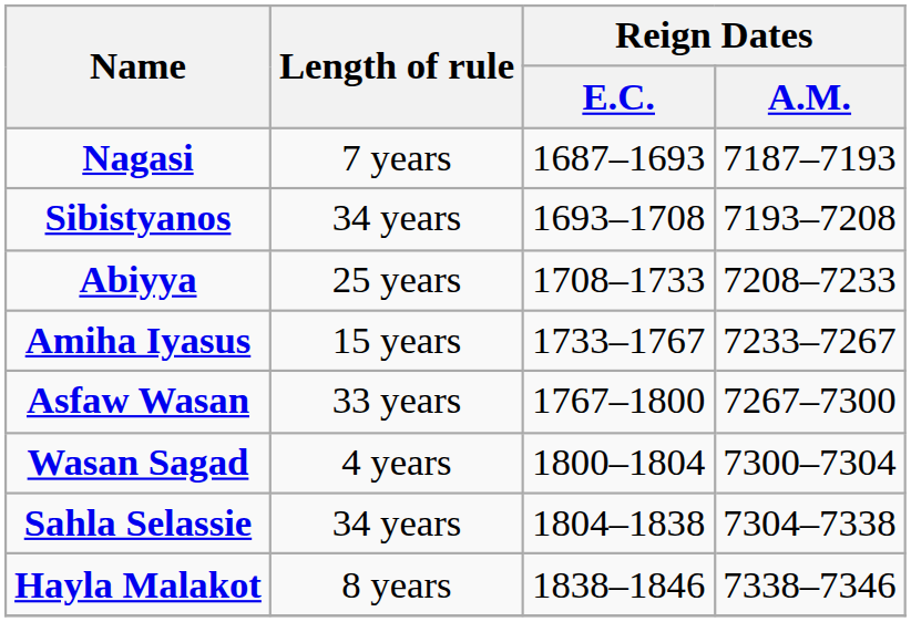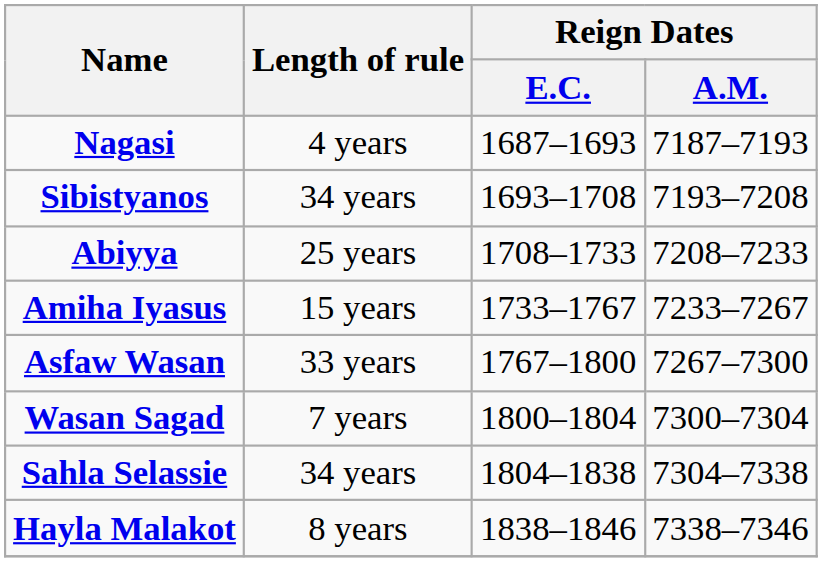 <table class="wikitable" style="text-align:center;">
 <tr>
 <th rowspan="2">Name<br></th>
 <th rowspan="2">Length of rule<br></th>
 <th colspan="2">Reign Dates</th>
 </tr>
 <tr>
 <th><a href='#'>E.C.</a></th>
 <th><a href='#'>A.M.</a></th>
 </tr>
 <tr>
 <td><strong><a href='#'>Nagasi</a></strong></td>
-<td>7 years</td>
+<td>4 years</td>
 <td>1687–1693</td>
 <td>7187–7193</td>
 </tr>
 <tr>
 <td><strong><a href='#'>Sibistyanos</a></strong></td>
 <td>34 years</td>
 <td>1693–1708</td>
 <td>7193–7208</td>
 </tr>
 <tr>
 <td><strong><a href='#'>Abiyya</a></strong></td>
 <td>25 years</td>
 <td>1708–1733</td>
 <td>7208–7233</td>
 </tr>
 <tr>
 <td><strong><a href='#'>Amiha Iyasus</a></strong></td>
 <td>15 years</td>
 <td>1733–1767</td>
 <td>7233–7267</td>
 </tr>
 <tr>
 <td><strong><a href='#'>Asfaw Wasan</a></strong></td>
 <td>33 years</td>
 <td>1767–1800</td>
 <td>7267–7300</td>
 </tr>
 <tr>
 <td><strong><a href='#'>Wasan Sagad</a></strong></td>
-<td>4 years</td>
+<td>7 years</td>
 <td>1800–1804</td>
 <td>7300–7304</td>
 </tr>
 <tr>
 <td><strong><a href='#'>Sahla Selassie</a></strong></td>
 <td>34 years</td>
 <td>1804–1838</td>
 <td>7304–7338</td>
 </tr>
 <tr>
 <td><strong><a href='#'>Hayla Malakot</a></strong></td>
 <td>8 years</td>
 <td>1838–1846</td>
 <td>7338–7346</td>
 </tr>
 <tr>
 </tr>
 </table>
